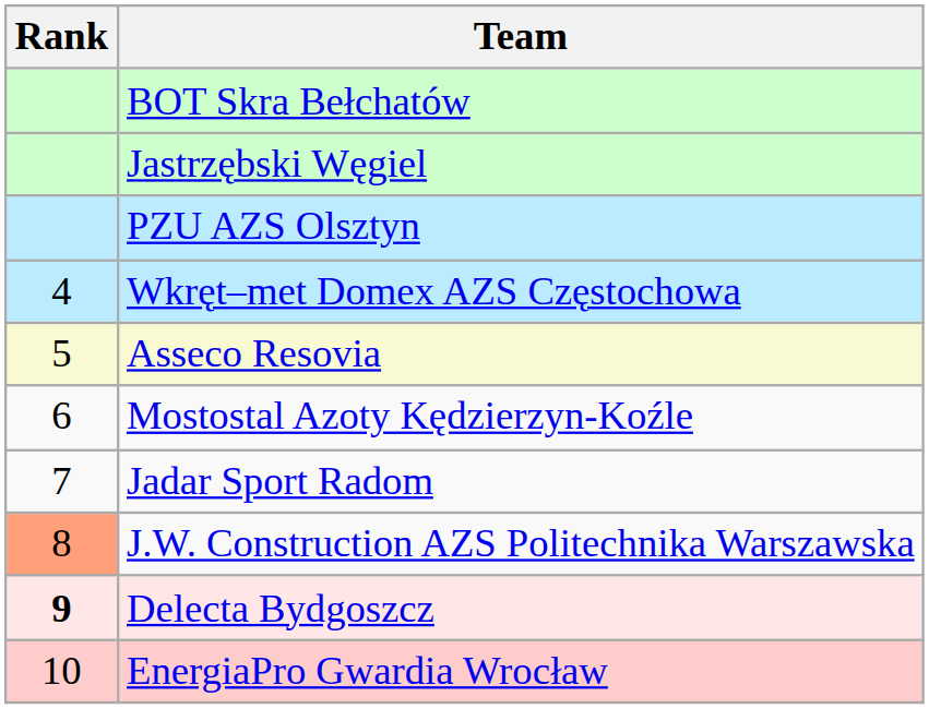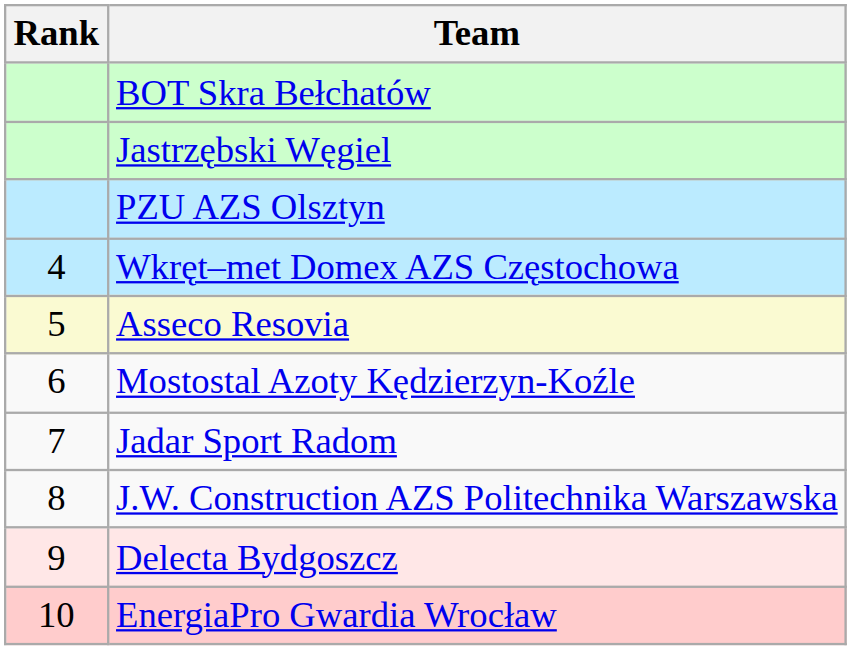 <table class="wikitable" style="white-space: nowrap; width:25%;">
 <tr>
 <th width=15%>Rank</th>
 <th>Team</th>
 </tr>
 <tr bgcolor=#CCFFCC>
 <td style="text-align:center;"></td>
 <td><a href='#'>BOT Skra Bełchatów</a></td>
 </tr>
 <tr bgcolor=#CCFFCC>
 <td style="text-align:center;"></td>
 <td><a href='#'>Jastrzębski Węgiel</a></td>
 </tr>
 <tr bgcolor=#BBEBFF>
 <td style="text-align:center;"></td>
 <td><a href='#'>PZU AZS Olsztyn</a></td>
 </tr>
 <tr bgcolor=#BBEBFF>
 <td style="text-align:center;">4</td>
 <td><a href='#'>Wkręt–met Domex AZS Częstochowa</a></td>
 </tr>
 <tr bgcolor=#FAFAD2>
 <td style="text-align:center;">5</td>
 <td><a href='#'>Asseco Resovia</a></td>
 </tr>
 <tr>
 <td style="text-align:center;">6</td>
 <td><a href='#'>Mostostal Azoty Kędzierzyn-Koźle</a></td>
 </tr>
 <tr>
 <td style="text-align:center;">7</td>
 <td><a href='#'>Jadar Sport Radom</a></td>
 </tr>
 <tr>
-<td style="background: lightsalmon; text-align:center;">8</td>
+<td style="text-align:center;">8</td>
 <td><a href='#'>J.W. Construction AZS Politechnika Warszawska</a></td>
 </tr>
 <tr bgcolor=#FFE7E7>
-<td style="text-align:center;"><strong>9</strong></td>
+<td style="text-align:center;">9</td>
 <td><a href='#'>Delecta Bydgoszcz</a></td>
 </tr>
 <tr bgcolor=#FFCCCC>
 <td style="text-align:center;">10</td>
 <td><a href='#'>EnergiaPro Gwardia Wrocław</a></td>
 </tr>
 </table>
